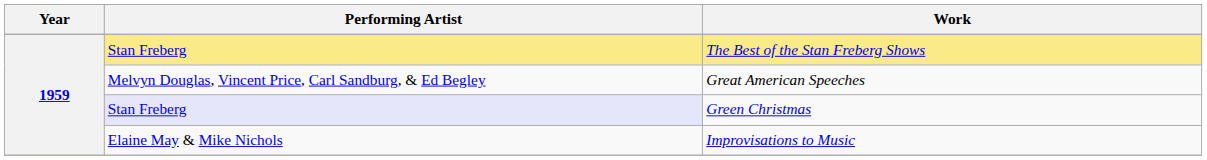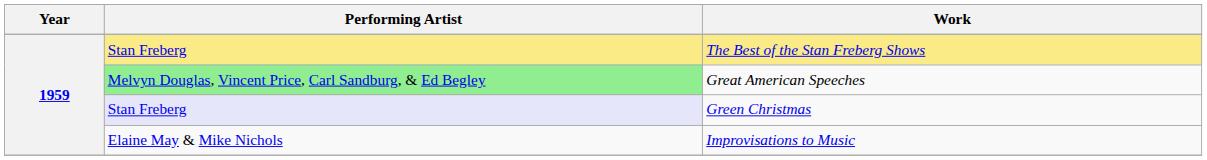 <table class="wikitable" style="font-size:1.00em; line-height:1.5em;">
 <tr bgcolor="#bebebe">
 </tr>
 <tr bgcolor="#bebebe">
 <th width="5%">Year</th>
 <th width="30%">Performing Artist</th>
 <th width="25%">Work</th>
 </tr>
 <tr>
 </tr>
 <tr style="background:#FAEB86;">
 <th rowspan=4, style="text-align:center;"><a href='#'>1959</a> <br></th>
 <td><a href='#'>Stan Freberg</a></td>
 <td><em><a href='#'>The Best of the Stan Freberg Shows</a></em></td>
 </tr>
 <tr>
-<td><a href='#'>Melvyn Douglas</a>, <a href='#'>Vincent Price</a>, <a href='#'>Carl Sandburg</a>, & <a href='#'>Ed Begley</a></td>
+<td style="background: lightgreen;"><a href='#'>Melvyn Douglas</a>, <a href='#'>Vincent Price</a>, <a href='#'>Carl Sandburg</a>, & <a href='#'>Ed Begley</a></td>
 <td><em>Great American Speeches</em></td>
 </tr>
 <tr>
 <td style="background: lavender;"><a href='#'>Stan Freberg</a></td>
 <td><em><a href='#'>Green Christmas</a></em></td>
 </tr>
 <tr>
 <td><a href='#'>Elaine May</a> & <a href='#'>Mike Nichols</a></td>
 <td><em><a href='#'>Improvisations to Music</a></em></td>
 </tr>
 <tr>
 </tr>
 </table>
